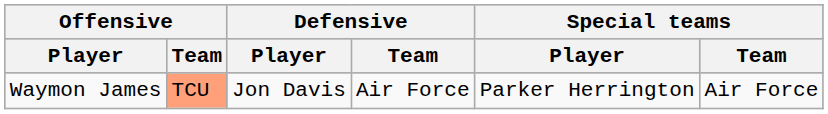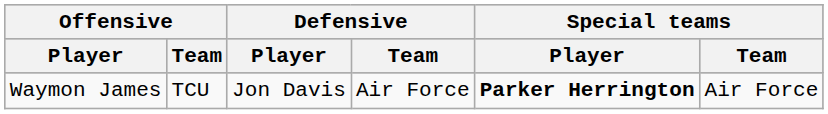 <table class="wikitable">
 <tr>
 <th colspan="2">Offensive</th>
 <th colspan="2">Defensive</th>
 <th colspan="2">Special teams</th>
 </tr>
 <tr>
 <th>Player</th>
 <th>Team</th>
 <th>Player</th>
 <th>Team</th>
 <th>Player</th>
 <th>Team</th>
 </tr>
 <tr>
 <td>Waymon James</td>
-<td style="background: lightsalmon;">TCU</td>
+<td>TCU</td>
 <td>Jon Davis</td>
 <td>Air Force</td>
-<td>Parker Herrington</td>
+<td><strong>Parker Herrington</strong></td>
 <td>Air Force</td>
 </tr>
 </table>
